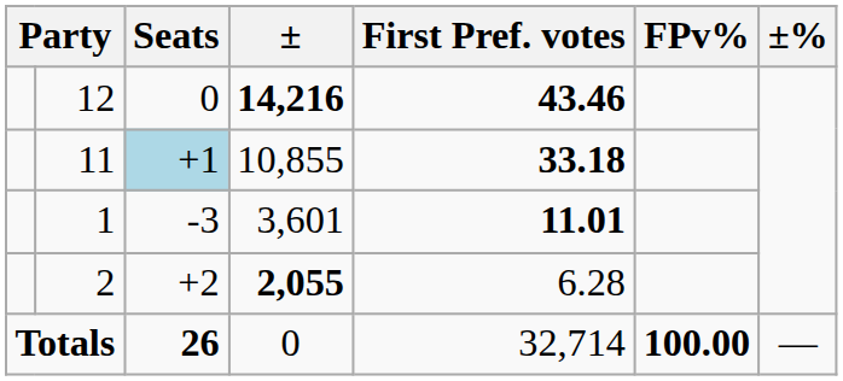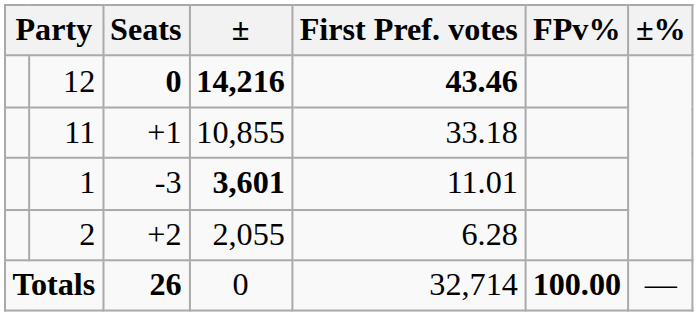 <table class=wikitable>
 <tr>
 <th colspan=2 align=center>Party</th>
 <th valign=top>Seats</th>
 <th valign=top>±</th>
 <th valign=top>First Pref. votes</th>
 <th valign=top>FPv%</th>
 <th valign=top>±%</th>
 </tr>
 <tr>
 <td></td>
 <td align=right>12</td>
-<td align=right>0</td>
+<td align=right><strong>0</strong></td>
 <td align=right><strong>14,216</strong></td>
 <td align=right><strong>43.46</strong></td>
 <td align=right></td>
 </tr>
 <tr>
 <td></td>
 <td align=right>11</td>
-<td align=right style="background: lightblue;">+1</td>
+<td align=right>+1</td>
 <td align=right>10,855</td>
-<td align=right><strong>33.18</strong></td>
+<td align=right>33.18</td>
 <td align=right></td>
 </tr>
 <tr>
 <td></td>
 <td align=right>1</td>
 <td align=right>-3</td>
-<td align=right>3,601</td>
-<td align=right><strong>11.01</strong></td>
+<td align=right><strong>3,601</strong></td>
+<td align=right>11.01</td>
 <td align=right></td>
 </tr>
 <tr>
 <td></td>
 <td align=right>2</td>
 <td align=right>+2</td>
-<td align=right><strong>2,055</strong></td>
+<td align=right>2,055</td>
 <td align=right>6.28</td>
 <td align=right></td>
 </tr>
 <tr>
 <td colspan=2 align=center><strong>Totals</strong></td>
 <td align=right><strong>26</strong></td>
 <td align=center>0</td>
 <td align=right>32,714</td>
 <td align=center><strong>100.00</strong></td>
 <td align=center>—</td>
 </tr>
 </table>
